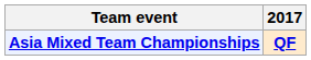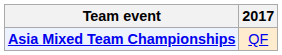 <table class="wikitable" style="font-size: 90%; text-align:center">
 <tr>
 <th>Team event</th>
 <th>2017</th>
 </tr>
 <tr>
 <td bgcolor="#ECF2FF"; align="left"><strong><a href='#'>Asia Mixed Team Championships</a></strong></td>
-<td bgcolor=FFEBCD><strong><a href='#'>QF</a></strong></td>
+<td bgcolor=FFEBCD><a href='#'>QF</a></td>
 </tr>
 </table>
